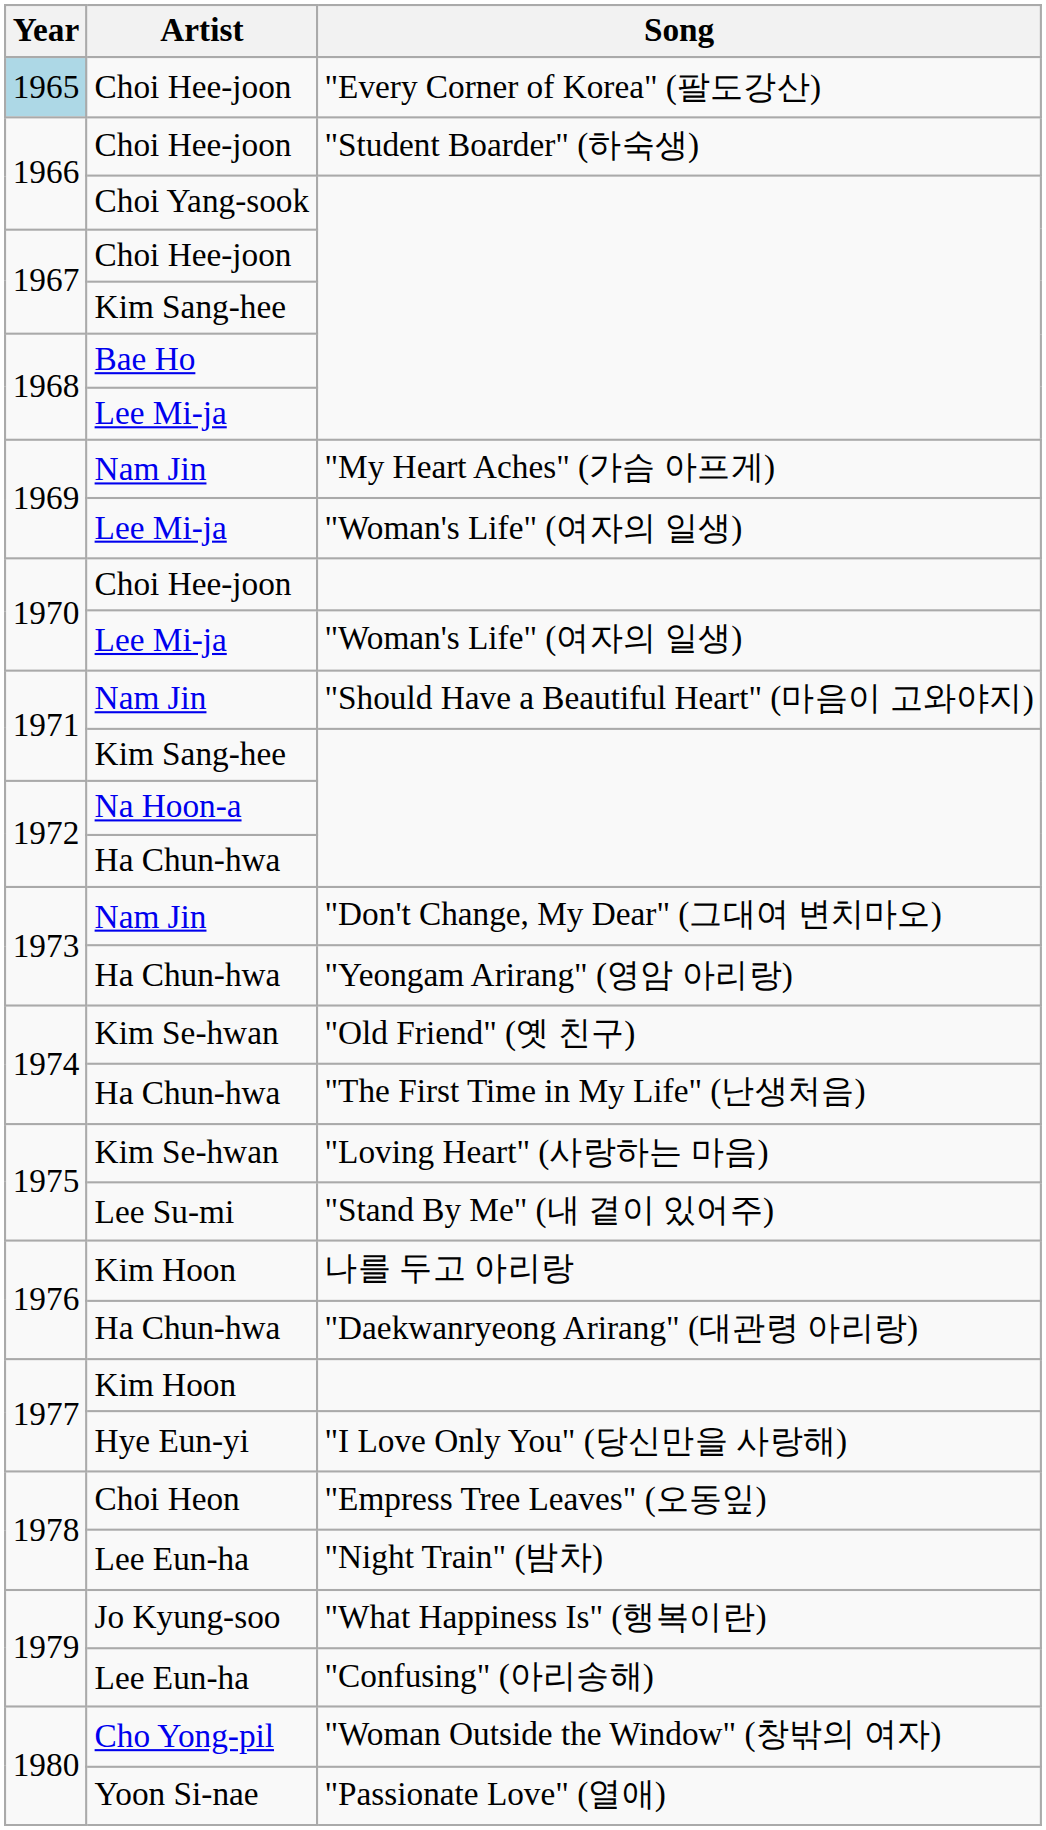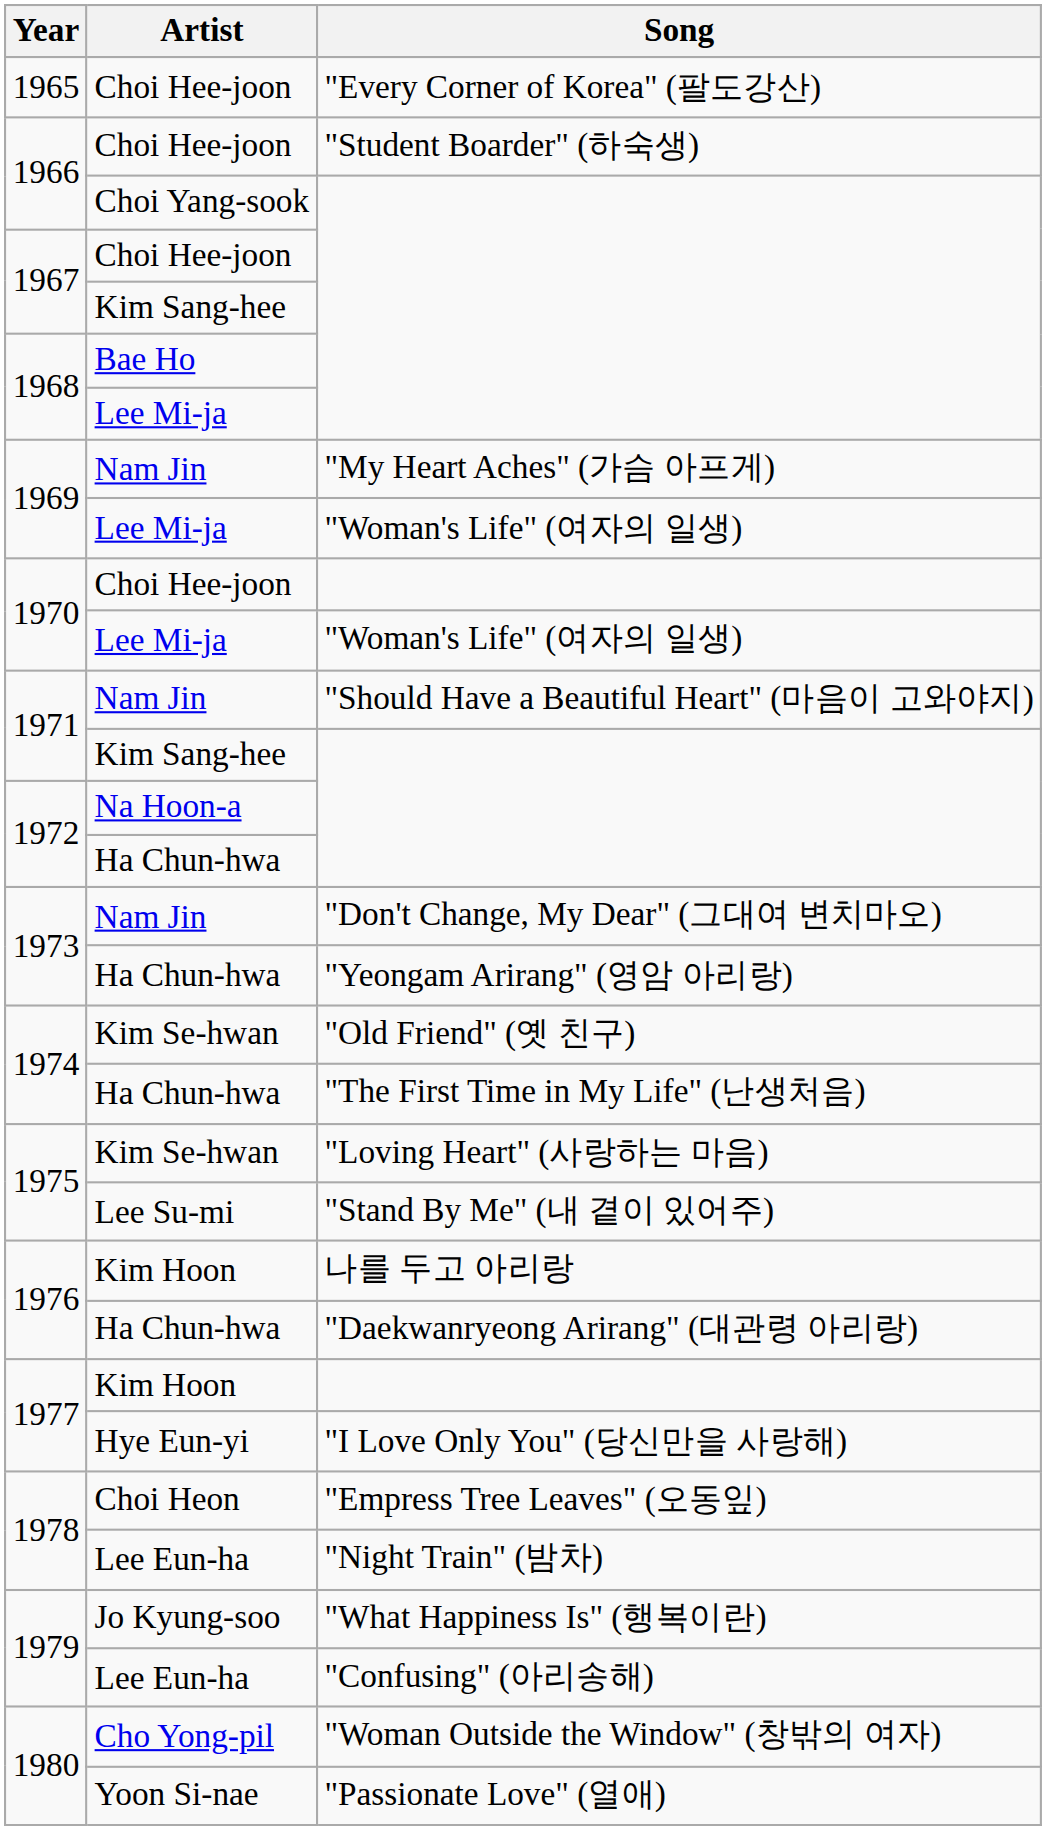 <table class="wikitable">
 <tr>
 <th>Year</th>
 <th>Artist</th>
 <th>Song</th>
 </tr>
 <tr>
-<td style="background: lightblue;">1965</td>
+<td>1965</td>
 <td>Choi Hee-joon</td>
 <td>"Every Corner of Korea" (팔도강산)</td>
 </tr>
 <tr>
 <td rowspan="2">1966</td>
 <td>Choi Hee-joon</td>
 <td>"Student Boarder" (하숙생)</td>
 </tr>
 <tr>
 <td>Choi Yang-sook</td>
 </tr>
 <tr>
 <td rowspan="2">1967</td>
 <td>Choi Hee-joon</td>
 </tr>
 <tr>
 <td>Kim Sang-hee</td>
 </tr>
 <tr>
 <td rowspan="2">1968</td>
 <td><a href='#'>Bae Ho</a></td>
 </tr>
 <tr>
 <td><a href='#'>Lee Mi-ja</a></td>
 </tr>
 <tr>
 <td rowspan="2">1969</td>
 <td><a href='#'>Nam Jin</a></td>
 <td>"My Heart Aches" (가슴 아프게)</td>
 </tr>
 <tr>
 <td><a href='#'>Lee Mi-ja</a></td>
 <td>"Woman's Life" (여자의 일생)</td>
 </tr>
 <tr>
 <td rowspan="2">1970</td>
 <td>Choi Hee-joon</td>
 </tr>
 <tr>
 <td><a href='#'>Lee Mi-ja</a></td>
 <td>"Woman's Life" (여자의 일생)</td>
 </tr>
 <tr>
 <td rowspan="2">1971</td>
 <td><a href='#'>Nam Jin</a></td>
 <td>"Should Have a Beautiful Heart" (마음이 고와야지)</td>
 </tr>
 <tr>
 <td>Kim Sang-hee</td>
 </tr>
 <tr>
 <td rowspan="2">1972</td>
 <td><a href='#'>Na Hoon-a</a></td>
 </tr>
 <tr>
 <td>Ha Chun-hwa</td>
 </tr>
 <tr>
 <td rowspan="2">1973</td>
 <td><a href='#'>Nam Jin</a></td>
 <td>"Don't Change, My Dear" (그대여 변치마오)</td>
 </tr>
 <tr>
 <td>Ha Chun-hwa</td>
 <td>"Yeongam Arirang" (영암 아리랑)</td>
 </tr>
 <tr>
 <td rowspan="2">1974</td>
 <td>Kim Se-hwan</td>
 <td>"Old Friend" (옛 친구)</td>
 </tr>
 <tr>
 <td>Ha Chun-hwa</td>
 <td>"The First Time in My Life" (난생처음)</td>
 </tr>
 <tr>
 <td rowspan="2">1975</td>
 <td>Kim Se-hwan</td>
 <td>"Loving Heart" (사랑하는 마음)</td>
 </tr>
 <tr>
 <td>Lee Su-mi</td>
 <td>"Stand By Me" (내 곁이 있어주)</td>
 </tr>
 <tr>
 <td rowspan="2">1976</td>
 <td>Kim Hoon</td>
 <td>나를 두고 아리랑</td>
 </tr>
 <tr>
 <td>Ha Chun-hwa</td>
 <td>"Daekwanryeong Arirang" (대관령 아리랑)</td>
 </tr>
 <tr>
 <td rowspan="2">1977</td>
 <td>Kim Hoon</td>
 </tr>
 <tr>
 <td>Hye Eun-yi</td>
 <td>"I Love Only You" (당신만을 사랑해)</td>
 </tr>
 <tr>
 <td rowspan="2">1978</td>
 <td>Choi Heon</td>
 <td>"Empress Tree Leaves" (오동잎)</td>
 </tr>
 <tr>
 <td>Lee Eun-ha</td>
 <td>"Night Train" (밤차)</td>
 </tr>
 <tr>
 <td rowspan="2">1979</td>
 <td>Jo Kyung-soo</td>
 <td>"What Happiness Is" (행복이란)</td>
 </tr>
 <tr>
 <td>Lee Eun-ha</td>
 <td>"Confusing" (아리송해)</td>
 </tr>
 <tr>
 <td rowspan="2">1980</td>
 <td><a href='#'>Cho Yong-pil</a></td>
 <td>"Woman Outside the Window" (창밖의 여자)</td>
 </tr>
 <tr>
 <td>Yoon Si-nae</td>
 <td>"Passionate Love" (열애)</td>
 </tr>
 </table>
